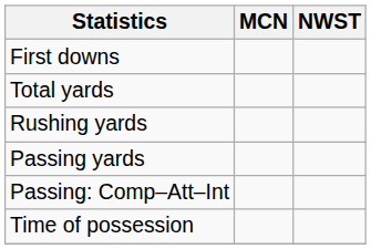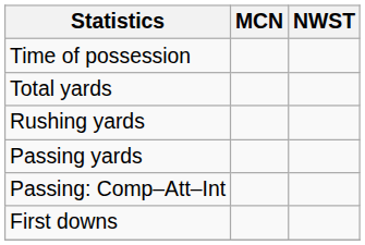 <table class="wikitable" style="float: left;">
 <tr>
 <th>Statistics</th>
 <th>MCN</th>
 <th>NWST</th>
 </tr>
 <tr>
-<td>First downs</td>
+<td>Time of possession</td>
 <td></td>
 <td></td>
 </tr>
 <tr>
 <td>Total yards</td>
 <td></td>
 <td></td>
 </tr>
 <tr>
 <td>Rushing yards</td>
 <td></td>
 <td></td>
 </tr>
 <tr>
 <td>Passing yards</td>
 <td></td>
 <td></td>
 </tr>
 <tr>
 <td>Passing: Comp–Att–Int</td>
 <td></td>
 <td></td>
 </tr>
 <tr>
-<td>Time of possession</td>
+<td>First downs</td>
 <td></td>
 <td></td>
 </tr>
 <tr>
 </tr>
 </table>
